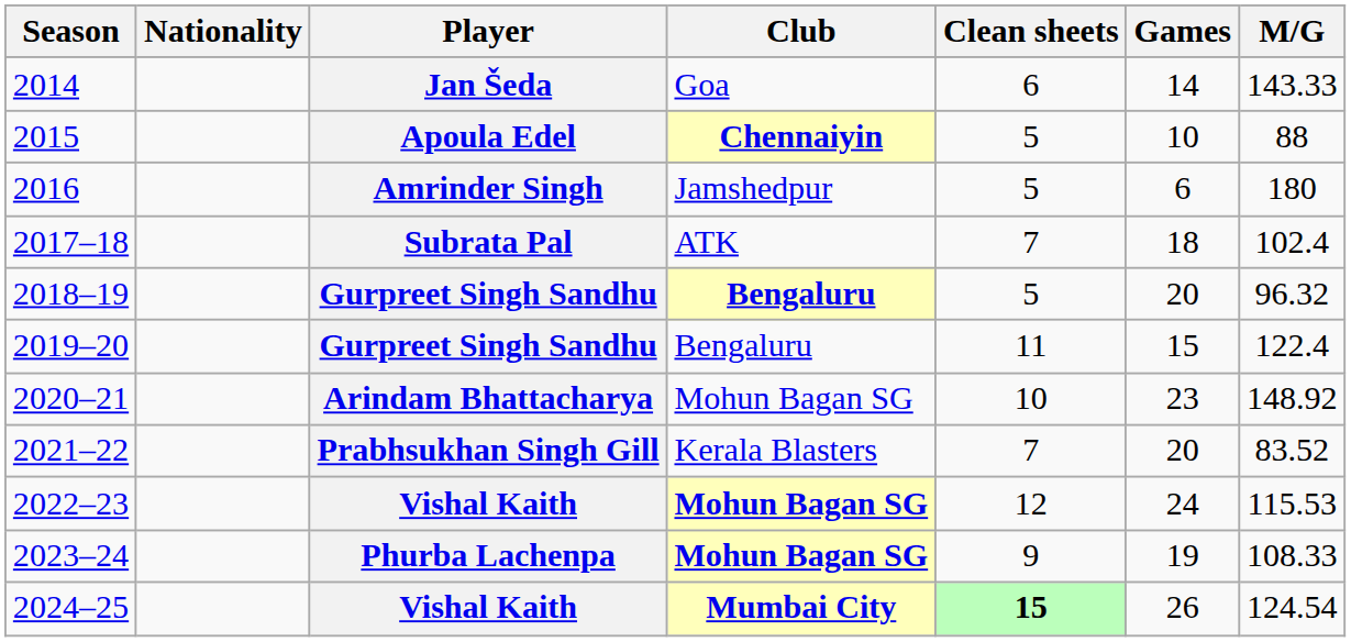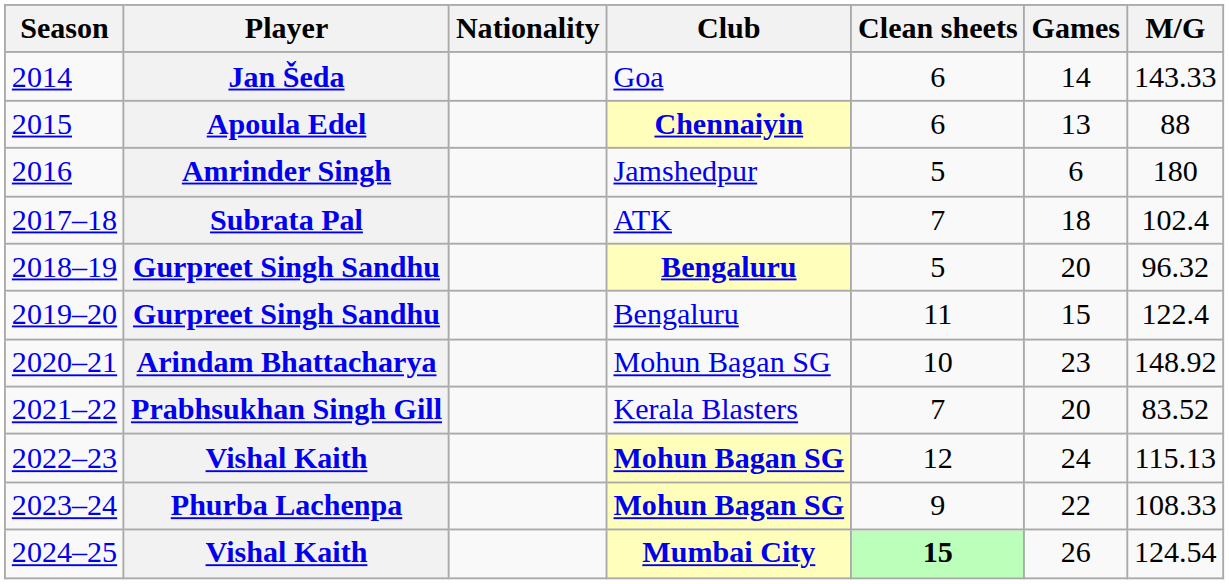 <table class="wikitable sortable plainrowheaders">
 <tr>
 <th scope="col">Season</th>
+<th scope="col">Player</th>
 <th scope="col">Nationality</th>
-<th scope="col">Player</th>
 <th scope="col">Club</th>
 <th scope="col">Clean sheets</th>
 <th scope="col">Games</th>
 <th scope="col">M/G</th>
 </tr>
 <tr>
 <td><a href='#'>2014</a></td>
+<th scope="row"><a href='#'>Jan Šeda</a></th>
 <td></td>
-<th scope="row"><a href='#'>Jan Šeda</a></th>
 <td><a href='#'>Goa</a></td>
 <td style="text-align:center">6</td>
 <td style="text-align:center">14</td>
 <td style="text-align:center">143.33</td>
 </tr>
 <tr>
 <td><a href='#'>2015</a></td>
+<th scope="row"><a href='#'>Apoula Edel</a></th>
 <td></td>
-<th scope="row"><a href='#'>Apoula Edel</a></th>
 <th scope="row" style="background:#ffb"><a href='#'>Chennaiyin</a></th>
-<td style="text-align:center">5</td>
-<td style="text-align:center">10</td>
+<td style="text-align:center">6</td>
+<td style="text-align:center">13</td>
 <td style="text-align:center">88</td>
 </tr>
 <tr>
 <td><a href='#'>2016</a></td>
+<th scope="row"><a href='#'>Amrinder Singh</a></th>
 <td></td>
-<th scope="row"><a href='#'>Amrinder Singh</a></th>
 <td><a href='#'>Jamshedpur</a></td>
 <td style="text-align:center">5</td>
 <td style="text-align:center">6</td>
 <td style="text-align:center">180</td>
 </tr>
 <tr>
 <td><a href='#'>2017–18</a></td>
+<th scope="row"><a href='#'>Subrata Pal</a></th>
 <td></td>
-<th scope="row"><a href='#'>Subrata Pal</a></th>
 <td><a href='#'>ATK</a></td>
 <td style="text-align:center">7</td>
 <td style="text-align:center">18</td>
 <td style="text-align:center">102.4</td>
 </tr>
 <tr>
 <td><a href='#'>2018–19</a></td>
+<th scope="row"><a href='#'>Gurpreet Singh Sandhu</a> </th>
 <td></td>
-<th scope="row"><a href='#'>Gurpreet Singh Sandhu</a> </th>
 <th scope="row" style="background:#ffb"><a href='#'>Bengaluru</a></th>
 <td style="text-align:center">5</td>
 <td style="text-align:center">20</td>
 <td style="text-align:center">96.32</td>
 </tr>
 <tr>
 <td><a href='#'>2019–20</a></td>
+<th scope="row"><a href='#'>Gurpreet Singh Sandhu</a> </th>
 <td></td>
-<th scope="row"><a href='#'>Gurpreet Singh Sandhu</a> </th>
 <td><a href='#'>Bengaluru</a></td>
 <td style="text-align:center; background:">11</td>
 <td style="text-align:center">15</td>
 <td style="text-align:center">122.4</td>
 </tr>
 <tr>
 <td><a href='#'>2020–21</a></td>
+<th scope="row"><a href='#'>Arindam Bhattacharya</a></th>
 <td></td>
-<th scope="row"><a href='#'>Arindam Bhattacharya</a></th>
 <td><a href='#'>Mohun Bagan SG</a></td>
 <td style="text-align:center">10</td>
 <td style="text-align:center">23</td>
 <td style="text-align:center">148.92</td>
 </tr>
 <tr>
 <td><a href='#'>2021–22</a></td>
+<th scope="row"><a href='#'>Prabhsukhan Singh Gill</a></th>
 <td></td>
-<th scope="row"><a href='#'>Prabhsukhan Singh Gill</a></th>
 <td><a href='#'>Kerala Blasters</a></td>
 <td style="text-align:center">7</td>
 <td style="text-align:center">20</td>
 <td style="text-align:center">83.52</td>
 </tr>
 <tr>
 <td><a href='#'>2022–23</a></td>
+<th scope="row"><a href='#'>Vishal Kaith</a><br></th>
 <td></td>
-<th scope="row"><a href='#'>Vishal Kaith</a><br></th>
 <th scope="row" style="background:#ffb"><a href='#'>Mohun Bagan SG</a></th>
 <td style="text-align:center">12</td>
 <td style="text-align:center">24</td>
-<td style="text-align:center">115.53</td>
+<td style="text-align:center">115.13</td>
 </tr>
 <tr>
 <td><a href='#'>2023–24</a></td>
+<th scope="row"><a href='#'>Phurba Lachenpa</a></th>
 <td></td>
-<th scope="row"><a href='#'>Phurba Lachenpa</a></th>
 <th scope="row" style="background:#ffb"><a href='#'>Mohun Bagan SG</a></th>
 <td style="text-align:center">9</td>
-<td style="text-align:center">19</td>
+<td style="text-align:center">22</td>
 <td style="text-align:center">108.33</td>
 </tr>
 <tr>
 <td><a href='#'>2024–25</a></td>
+<th scope="row"><a href='#'>Vishal Kaith</a><br></th>
 <td></td>
-<th scope="row"><a href='#'>Vishal Kaith</a><br></th>
 <th scope="row" style="background:#ffb"><a href='#'>Mumbai City</a></th>
 <th scope="row" style="text-align:center; background:#bbffbb">15</th>
 <td style="text-align:center">26</td>
 <td style="text-align:center">124.54</td>
 </tr>
 </table>
